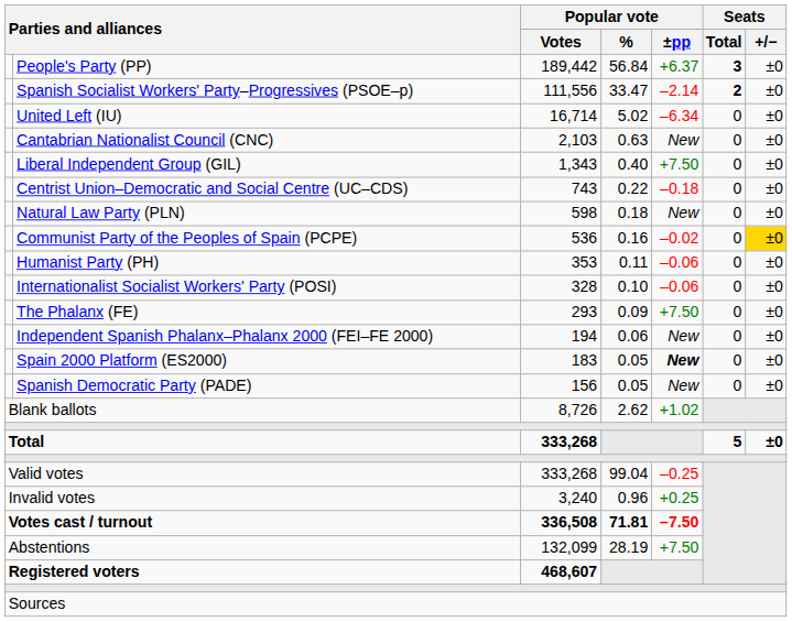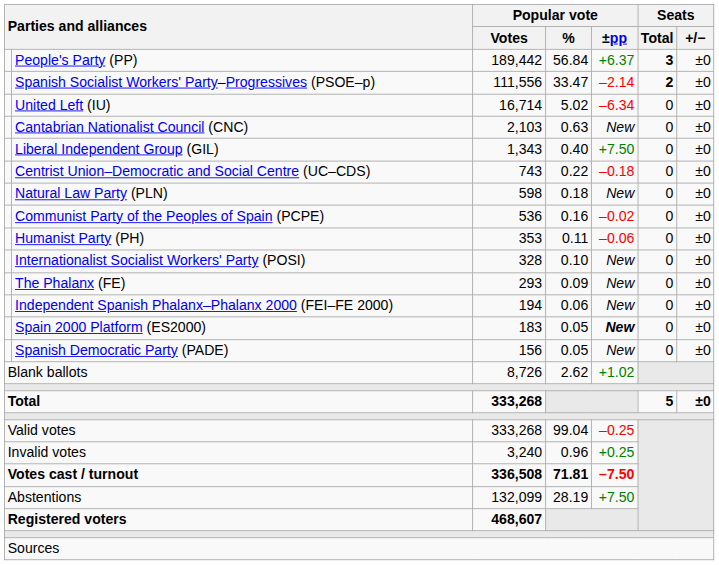 <table class="wikitable" style="text-align:right;">
 <tr>
 <th style="text-align:left;" rowspan="2" colspan="2" width="525">Parties and alliances</th>
 <th colspan="3">Popular vote</th>
 <th colspan="2">Seats</th>
 </tr>
 <tr>
 <th width="75">Votes</th>
 <th width="45">%</th>
 <th width="45">±<a href='#'>pp</a></th>
 <th width="35">Total</th>
 <th width="35">+/−</th>
 </tr>
 <tr>
 <td width="1" style="color:inherit;background:"></td>
 <td align="left"><a href='#'>People's Party</a> (PP)</td>
 <td>189,442</td>
 <td>56.84</td>
 <td style="color:green;">+6.37</td>
 <td><strong>3</strong></td>
 <td>±0</td>
 </tr>
 <tr>
 <td style="color:inherit;background:"></td>
 <td align="left"><a href='#'>Spanish Socialist Workers' Party</a>–<a href='#'>Progressives</a> (PSOE–p)</td>
 <td>111,556</td>
 <td>33.47</td>
 <td style="color:red;">–2.14</td>
 <td><strong>2</strong></td>
 <td>±0</td>
 </tr>
 <tr>
 <td style="color:inherit;background:"></td>
 <td align="left"><a href='#'>United Left</a> (IU)</td>
 <td>16,714</td>
 <td>5.02</td>
 <td style="color:red;">–6.34</td>
 <td>0</td>
 <td>±0</td>
 </tr>
 <tr>
 <td style="color:inherit;background:"></td>
 <td align="left"><a href='#'>Cantabrian Nationalist Council</a> (CNC)</td>
 <td>2,103</td>
 <td>0.63</td>
 <td><em>New</em></td>
 <td>0</td>
 <td>±0</td>
 </tr>
 <tr>
 <td style="color:inherit;background:"></td>
 <td align="left"><a href='#'>Liberal Independent Group</a> (GIL)</td>
 <td>1,343</td>
 <td>0.40</td>
 <td style="color:green;">+7.50</td>
 <td>0</td>
 <td>±0</td>
 </tr>
 <tr>
 <td style="color:inherit;background:"></td>
 <td align="left"><a href='#'>Centrist Union–Democratic and Social Centre</a> (UC–CDS)</td>
 <td>743</td>
 <td>0.22</td>
 <td style="color:red;">–0.18</td>
 <td>0</td>
 <td>±0</td>
 </tr>
 <tr>
 <td style="color:inherit;background:"></td>
 <td align="left"><a href='#'>Natural Law Party</a> (PLN)</td>
 <td>598</td>
 <td>0.18</td>
 <td><em>New</em></td>
 <td>0</td>
 <td>±0</td>
 </tr>
 <tr>
 <td style="color:inherit;background:"></td>
 <td align="left"><a href='#'>Communist Party of the Peoples of Spain</a> (PCPE)</td>
 <td>536</td>
 <td>0.16</td>
 <td style="color:red;">–0.02</td>
 <td>0</td>
-<td style="background: gold;">±0</td>
+<td>±0</td>
 </tr>
 <tr>
 <td style="color:inherit;background:"></td>
 <td align="left"><a href='#'>Humanist Party</a> (PH)</td>
 <td>353</td>
 <td>0.11</td>
 <td style="color:red;">–0.06</td>
 <td>0</td>
 <td>±0</td>
 </tr>
 <tr>
 <td style="color:inherit;background:"></td>
 <td align="left"><a href='#'>Internationalist Socialist Workers' Party</a> (POSI)</td>
 <td>328</td>
 <td>0.10</td>
-<td style="color:red;">–0.06</td>
+<td><em>New</em></td>
 <td>0</td>
 <td>±0</td>
 </tr>
 <tr>
 <td style="color:inherit;background:"></td>
 <td align="left"><a href='#'>The Phalanx</a> (FE)</td>
 <td>293</td>
 <td>0.09</td>
-<td style="color:green;">+7.50</td>
+<td><em>New</em></td>
 <td>0</td>
 <td>±0</td>
 </tr>
 <tr>
 <td style="color:inherit;background:"></td>
 <td align="left"><a href='#'>Independent Spanish Phalanx–Phalanx 2000</a> (FEI–FE 2000)</td>
 <td>194</td>
 <td>0.06</td>
 <td><em>New</em></td>
 <td>0</td>
 <td>±0</td>
 </tr>
 <tr>
 <td style="color:inherit;background:"></td>
 <td align="left"><a href='#'>Spain 2000 Platform</a> (ES2000)</td>
 <td>183</td>
 <td>0.05</td>
 <td><strong><em>New</em></strong></td>
 <td>0</td>
 <td>±0</td>
 </tr>
 <tr>
 <td style="color:inherit;background:"></td>
 <td align="left"><a href='#'>Spanish Democratic Party</a> (PADE)</td>
 <td>156</td>
 <td>0.05</td>
 <td><em>New</em></td>
 <td>0</td>
 <td>±0</td>
 </tr>
 <tr>
 <td align="left" colspan="2">Blank ballots</td>
 <td>8,726</td>
 <td>2.62</td>
 <td style="color:green;">+1.02</td>
 <td bgcolor="#E9E9E9" colspan="2"></td>
 </tr>
 <tr>
 <td colspan="7" bgcolor="#E9E9E9"></td>
 </tr>
 <tr style="font-weight:bold;">
 <td align="left" colspan="2">Total</td>
 <td>333,268</td>
 <td bgcolor="#E9E9E9" colspan="2"></td>
 <td>5</td>
 <td>±0</td>
 </tr>
 <tr>
 <td colspan="7" bgcolor="#E9E9E9"></td>
 </tr>
 <tr>
 <td align="left" colspan="2">Valid votes</td>
 <td>333,268</td>
 <td>99.04</td>
 <td style="color:red;">–0.25</td>
 <td bgcolor="#E9E9E9" colspan="2" rowspan="5"></td>
 </tr>
 <tr>
 <td align="left" colspan="2">Invalid votes</td>
 <td>3,240</td>
 <td>0.96</td>
 <td style="color:green;">+0.25</td>
 </tr>
 <tr style="font-weight:bold;">
 <td align="left" colspan="2">Votes cast / turnout</td>
 <td>336,508</td>
 <td>71.81</td>
 <td style="color:red;">–7.50</td>
 </tr>
 <tr>
 <td align="left" colspan="2">Abstentions</td>
 <td>132,099</td>
 <td>28.19</td>
 <td style="color:green;">+7.50</td>
 </tr>
 <tr style="font-weight:bold;">
 <td align="left" colspan="2">Registered voters</td>
 <td>468,607</td>
 <td bgcolor="#E9E9E9" colspan="2"></td>
 </tr>
 <tr>
 <td colspan="7" bgcolor="#E9E9E9"></td>
 </tr>
 <tr>
 <td align="left" colspan="7">Sources</td>
 </tr>
 </table>
